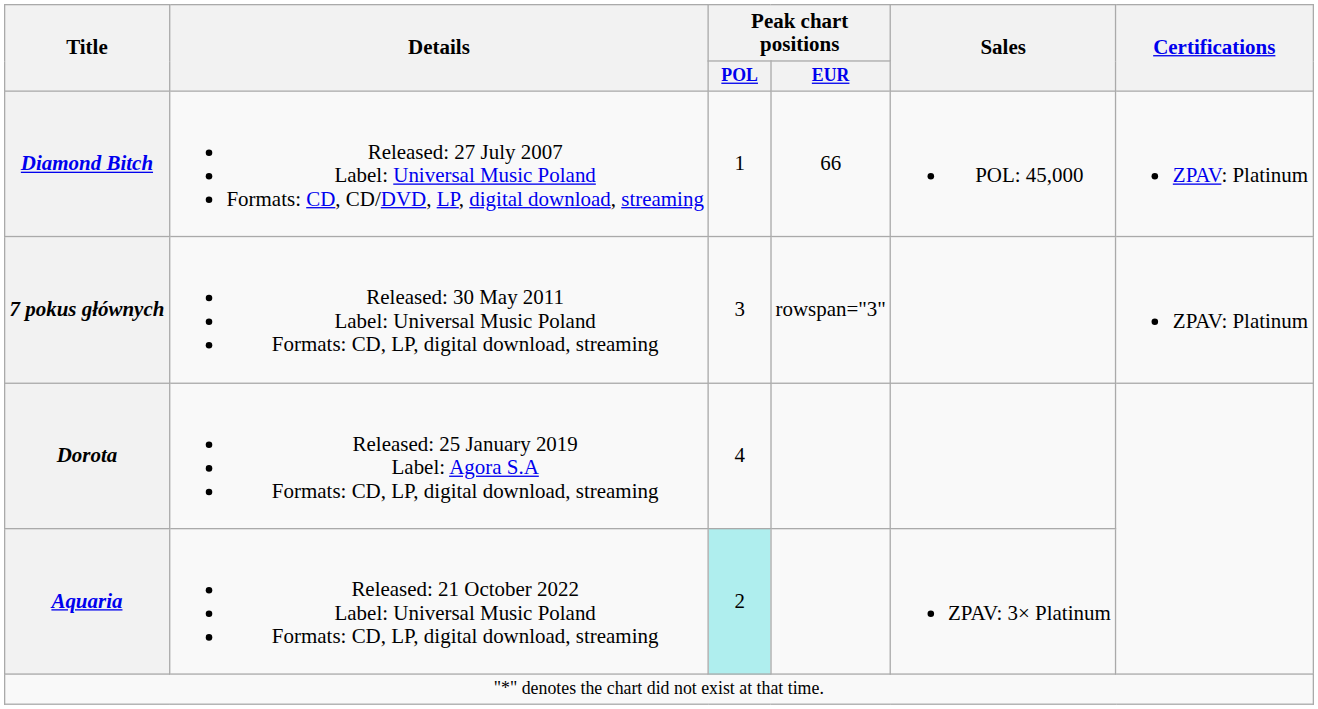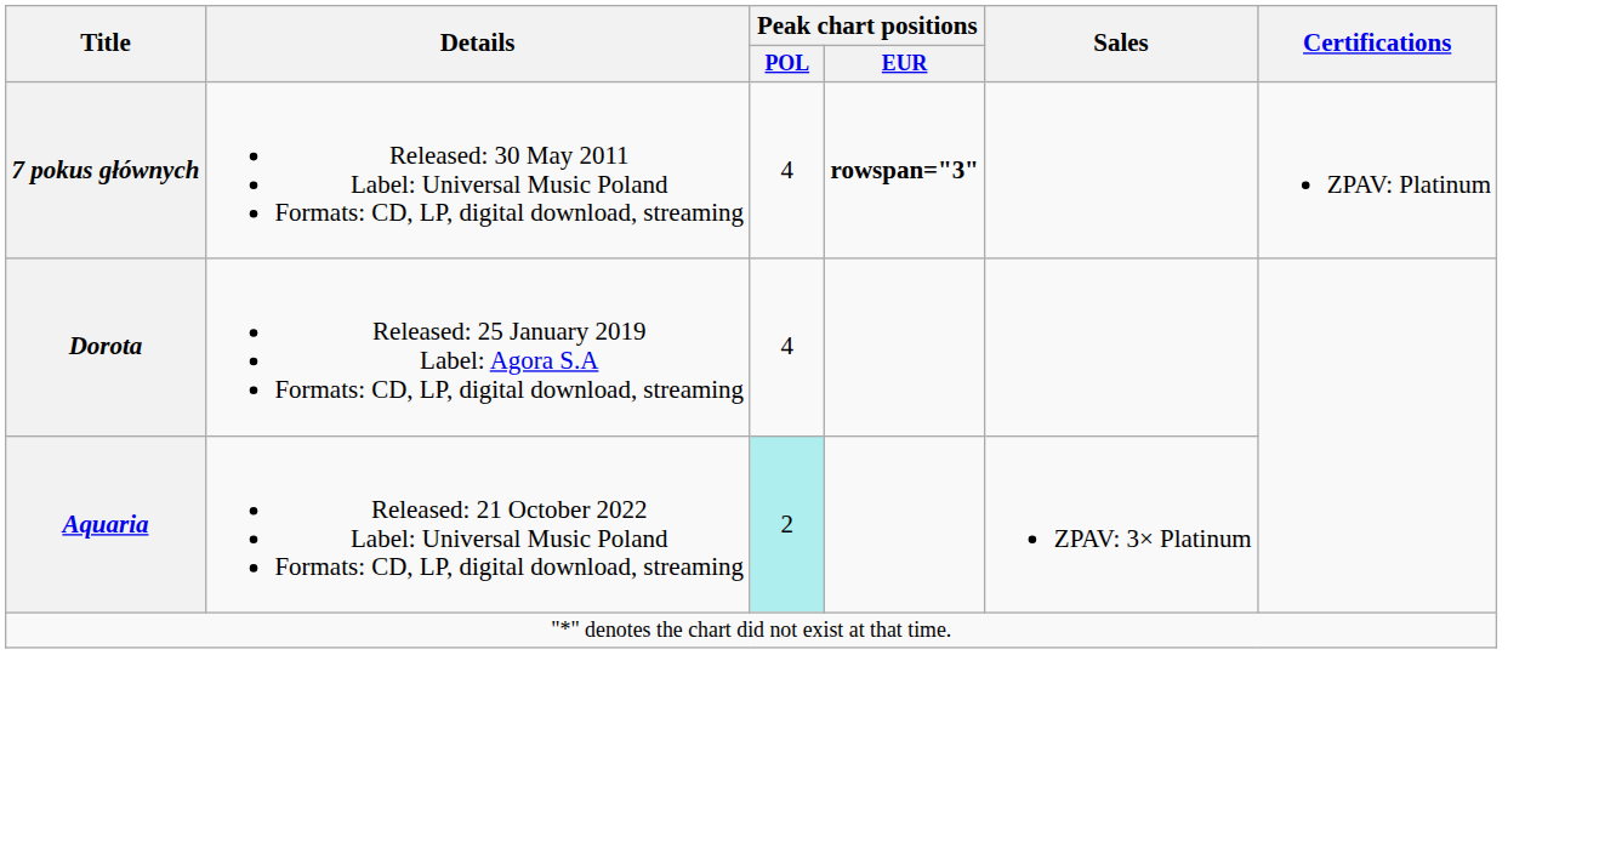 <table class="wikitable plainrowheaders" style="text-align:center;">
 <tr>
 <th scope="col" rowspan="2">Title</th>
 <th scope="col" rowspan="2">Details</th>
 <th scope="col" colspan="2">Peak chart positions</th>
 <th scope="col" rowspan="2">Sales</th>
 <th scope="col" rowspan="2"><a href='#'>Certifications</a></th>
 </tr>
 <tr>
 <th scope="col" style="width:3em;font-size:85%;"><a href='#'>POL</a><br></th>
 <th scope="col" style="width:3em;font-size:85%;"><a href='#'>EUR</a><br></th>
 </tr>
 <tr>
-<th scope="row"><em><a href='#'>Diamond Bitch</a></em></th>
-<td><br><ul><li>Released: 27 July 2007</li><li>Label: <a href='#'>Universal Music Poland</a></li><li>Formats: <a href='#'>CD</a>, CD/<a href='#'>DVD</a>, <a href='#'>LP</a>, <a href='#'>digital download</a>, <a href='#'>streaming</a></li></ul></td>
-<td>1</td>
-<td>66</td>
-<td><br><ul><li>POL: 45,000</li></ul></td>
-<td><br><ul><li><a href='#'>ZPAV</a>: Platinum</li></ul></td>
-</tr>
-<tr>
 <th scope="row"><em>7 pokus głównych</em></th>
 <td><br><ul><li>Released: 30 May 2011</li><li>Label: Universal Music Poland</li><li>Formats: CD, LP, digital download, streaming</li></ul></td>
-<td>3</td>
-<td>rowspan="3" </td>
+<td>4</td>
+<td><strong>rowspan="3" </strong></td>
 <td></td>
 <td><br><ul><li>ZPAV: Platinum</li></ul></td>
 </tr>
 <tr>
 <th scope="row"><em>Dorota</em></th>
 <td><br><ul><li>Released: 25 January 2019</li><li>Label: <a href='#'>Agora S.A</a></li><li>Formats: CD, LP, digital download, streaming</li></ul></td>
 <td>4</td>
 <td></td>
 <td></td>
 </tr>
 <tr>
 <th scope="row"><em><a href='#'>Aquaria</a></em></th>
 <td><br><ul><li>Released: 21 October 2022</li><li>Label: Universal Music Poland</li><li>Formats: CD, LP, digital download, streaming</li></ul></td>
 <td style="background: paleturquoise;">2</td>
 <td></td>
 <td><br><ul><li>ZPAV: 3× Platinum</li></ul></td>
 </tr>
 <tr>
 <td colspan="6" style="font-size:85%">"*" denotes the chart did not exist at that time.</td>
 </tr>
 </table>
